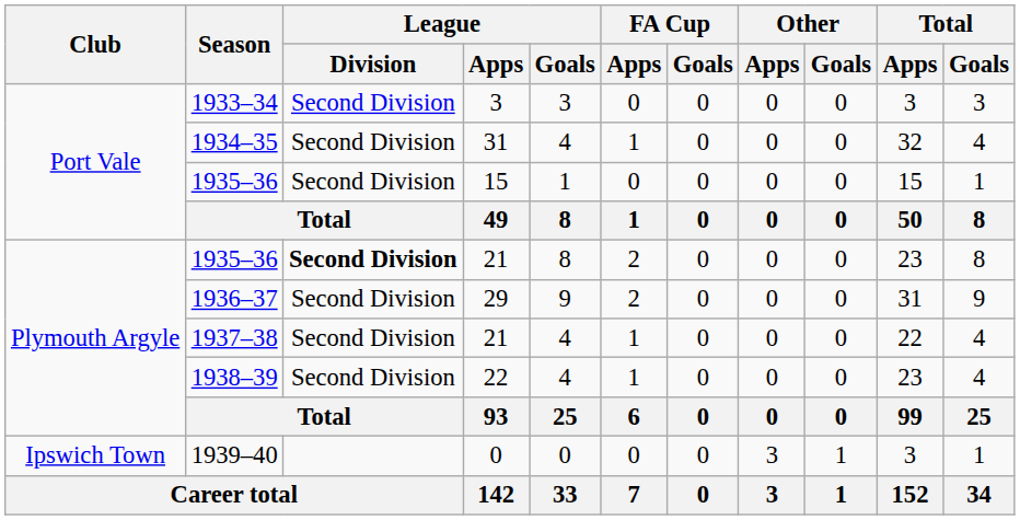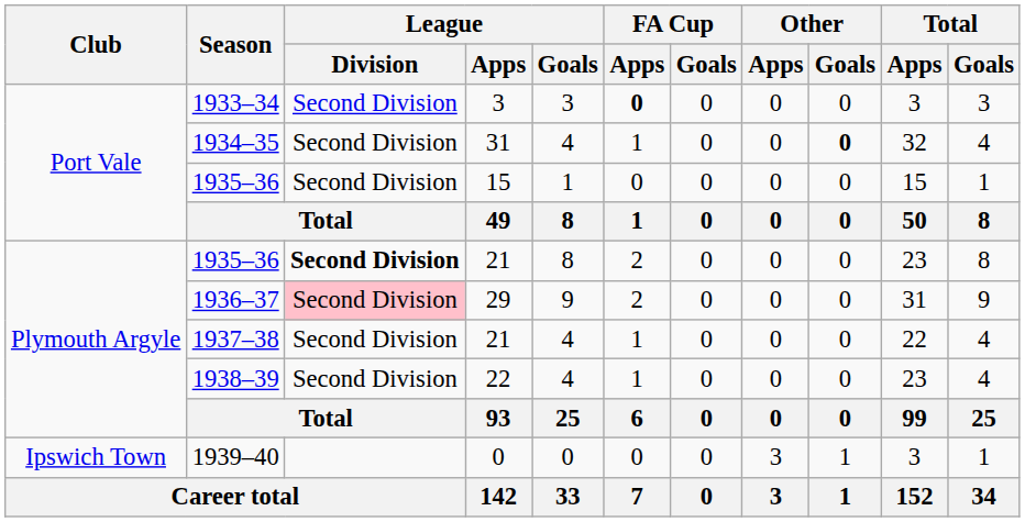 <table class="wikitable" style="text-align: center;">
 <tr>
 <th rowspan="2">Club</th>
 <th rowspan="2">Season</th>
 <th colspan="3">League</th>
 <th colspan="2">FA Cup</th>
 <th colspan="2">Other</th>
 <th colspan="2">Total</th>
 </tr>
 <tr>
 <th>Division</th>
 <th>Apps</th>
 <th>Goals</th>
 <th>Apps</th>
 <th>Goals</th>
 <th>Apps</th>
 <th>Goals</th>
 <th>Apps</th>
 <th>Goals</th>
 </tr>
 <tr>
 <td rowspan="4"><a href='#'>Port Vale</a></td>
 <td><a href='#'>1933–34</a></td>
 <td><a href='#'>Second Division</a></td>
 <td>3</td>
 <td>3</td>
-<td>0</td>
+<td><strong>0</strong></td>
 <td>0</td>
 <td>0</td>
 <td>0</td>
 <td>3</td>
 <td>3</td>
 </tr>
 <tr>
 <td><a href='#'>1934–35</a></td>
 <td>Second Division</td>
 <td>31</td>
 <td>4</td>
 <td>1</td>
 <td>0</td>
 <td>0</td>
-<td>0</td>
+<td><strong>0</strong></td>
 <td>32</td>
 <td>4</td>
 </tr>
 <tr>
 <td><a href='#'>1935–36</a></td>
 <td>Second Division</td>
 <td>15</td>
 <td>1</td>
 <td>0</td>
 <td>0</td>
 <td>0</td>
 <td>0</td>
 <td>15</td>
 <td>1</td>
 </tr>
 <tr>
 <th colspan="2">Total</th>
 <th>49</th>
 <th>8</th>
 <th>1</th>
 <th>0</th>
 <th>0</th>
 <th>0</th>
 <th>50</th>
 <th>8</th>
 </tr>
 <tr>
 <td rowspan="5"><a href='#'>Plymouth Argyle</a></td>
 <td><a href='#'>1935–36</a></td>
 <td><strong>Second Division</strong></td>
 <td>21</td>
 <td>8</td>
 <td>2</td>
 <td>0</td>
 <td>0</td>
 <td>0</td>
 <td>23</td>
 <td>8</td>
 </tr>
 <tr>
 <td><a href='#'>1936–37</a></td>
-<td>Second Division</td>
+<td style="background: pink;">Second Division</td>
 <td>29</td>
 <td>9</td>
 <td>2</td>
 <td>0</td>
 <td>0</td>
 <td>0</td>
 <td>31</td>
 <td>9</td>
 </tr>
 <tr>
 <td><a href='#'>1937–38</a></td>
 <td>Second Division</td>
 <td>21</td>
 <td>4</td>
 <td>1</td>
 <td>0</td>
 <td>0</td>
 <td>0</td>
 <td>22</td>
 <td>4</td>
 </tr>
 <tr>
 <td><a href='#'>1938–39</a></td>
 <td>Second Division</td>
 <td>22</td>
 <td>4</td>
 <td>1</td>
 <td>0</td>
 <td>0</td>
 <td>0</td>
 <td>23</td>
 <td>4</td>
 </tr>
 <tr>
 <th colspan="2">Total</th>
 <th>93</th>
 <th>25</th>
 <th>6</th>
 <th>0</th>
 <th>0</th>
 <th>0</th>
 <th>99</th>
 <th>25</th>
 </tr>
 <tr>
 <td><a href='#'>Ipswich Town</a></td>
 <td>1939–40</td>
 <td></td>
 <td>0</td>
 <td>0</td>
 <td>0</td>
 <td>0</td>
 <td>3</td>
 <td>1</td>
 <td>3</td>
 <td>1</td>
 </tr>
 <tr>
 <th colspan="3">Career total</th>
 <th>142</th>
 <th>33</th>
 <th>7</th>
 <th>0</th>
 <th>3</th>
 <th>1</th>
 <th>152</th>
 <th>34</th>
 </tr>
 </table>
